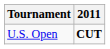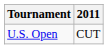 <table class="wikitable" style="font-size:95%;">
 <tr>
 <th>Tournament</th>
 <th>2011</th>
 </tr>
 <tr>
 <td><a href='#'>U.S. Open</a></td>
-<td align="center"><strong>CUT</strong></td>
+<td align="center">CUT</td>
 </tr>
 </table>
